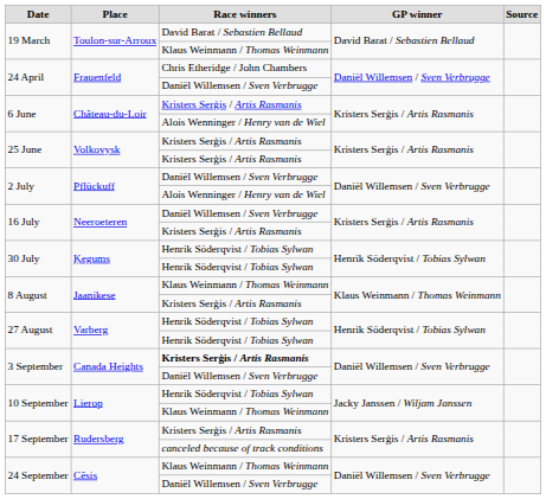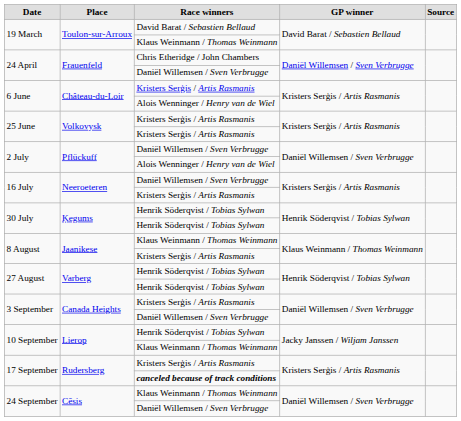 <table class="wikitable" style="font-size: 85%;">
 <tr align="center" style="background:#dfdfdf;">
 <td><strong>Date</strong></td>
 <td><strong>Place</strong></td>
 <td><strong>Race winners</strong></td>
 <td><strong>GP winner</strong></td>
 <td><strong>Source</strong></td>
 </tr>
 <tr>
 <td rowspan=2>19 March</td>
 <td rowspan=2> <a href='#'>Toulon-sur-Arroux</a></td>
 <td> David Barat / <em>Sebastien Bellaud</em></td>
 <td rowspan=2> David Barat / <em>Sebastien Bellaud</em></td>
 <td rowspan=2></td>
 </tr>
 <tr>
 <td> Klaus Weinmann / <em>Thomas Weinmann</em></td>
 </tr>
 <tr>
 <td rowspan=2>24 April</td>
 <td rowspan=2> <a href='#'>Frauenfeld</a></td>
 <td> Chris Etheridge / John Chambers</td>
 <td rowspan=2> <a href='#'>Daniël Willemsen</a> / <em><a href='#'>Sven Verbrugge</a></em></td>
 <td rowspan=2></td>
 </tr>
 <tr>
 <td> Daniël Willemsen / <em>Sven Verbrugge</em></td>
 </tr>
 <tr>
 <td rowspan=2>6 June</td>
 <td rowspan=2> <a href='#'>Château-du-Loir</a></td>
 <td> <a href='#'>Kristers Serģis</a> / <em><a href='#'>Artis Rasmanis</a></em></td>
 <td rowspan=2> Kristers Serģis / <em>Artis Rasmanis</em></td>
 <td rowspan=2></td>
 </tr>
 <tr>
 <td> Alois Wenninger / <em>Henry van de Wiel</em></td>
 </tr>
 <tr>
 <td rowspan=2>25 June</td>
 <td rowspan=2> <a href='#'>Volkovysk</a></td>
 <td> Kristers Serģis / <em>Artis Rasmanis</em></td>
 <td rowspan=2> Kristers Serģis / <em>Artis Rasmanis</em></td>
 <td rowspan=2></td>
 </tr>
 <tr>
 <td> Kristers Serģis / <em>Artis Rasmanis</em></td>
 </tr>
 <tr>
 <td rowspan=2>2 July</td>
 <td rowspan=2> <a href='#'>Pflückuff</a></td>
 <td> Daniël Willemsen / <em>Sven Verbrugge</em></td>
 <td rowspan=2> Daniël Willemsen / <em>Sven Verbrugge</em></td>
 <td rowspan=2></td>
 </tr>
 <tr>
 <td> Alois Wenninger / <em>Henry van de Wiel</em></td>
 </tr>
 <tr>
 <td rowspan=2>16 July</td>
 <td rowspan=2> <a href='#'>Neeroeteren</a></td>
 <td> Daniël Willemsen / <em>Sven Verbrugge</em></td>
 <td rowspan=2> Kristers Serģis / <em>Artis Rasmanis</em></td>
 <td rowspan=2></td>
 </tr>
 <tr>
 <td> Kristers Serģis / <em>Artis Rasmanis</em></td>
 </tr>
 <tr>
 <td rowspan=2>30 July</td>
 <td rowspan=2> <a href='#'>Ķegums</a></td>
 <td> Henrik Söderqvist / <em>Tobias Sylwan</em></td>
 <td rowspan=2> Henrik Söderqvist / <em>Tobias Sylwan</em></td>
 <td rowspan=2></td>
 </tr>
 <tr>
 <td> Henrik Söderqvist / <em>Tobias Sylwan</em></td>
 </tr>
 <tr>
 <td rowspan=2>8 August</td>
 <td rowspan=2> <a href='#'>Jaanikese</a></td>
 <td> Klaus Weinmann / <em>Thomas Weinmann</em></td>
 <td rowspan=2> Klaus Weinmann / <em>Thomas Weinmann</em></td>
 <td rowspan=2></td>
 </tr>
 <tr>
 <td> Kristers Serģis / <em>Artis Rasmanis</em></td>
 </tr>
 <tr>
 <td rowspan=2>27 August</td>
 <td rowspan=2> <a href='#'>Varberg</a></td>
 <td> Henrik Söderqvist / <em>Tobias Sylwan</em></td>
 <td rowspan=2> Henrik Söderqvist / <em>Tobias Sylwan</em></td>
 <td rowspan=2></td>
 </tr>
 <tr>
 <td> Henrik Söderqvist / <em>Tobias Sylwan</em></td>
 </tr>
 <tr>
 <td rowspan=2>3 September</td>
 <td rowspan=2> <a href='#'>Canada Heights</a></td>
-<td><strong> Kristers Serģis / <em>Artis Rasmanis</em></strong></td>
+<td> Kristers Serģis / <em>Artis Rasmanis</em></td>
 <td rowspan=2> Daniël Willemsen / <em>Sven Verbrugge</em></td>
 <td rowspan=2></td>
 </tr>
 <tr>
 <td> Daniël Willemsen / <em>Sven Verbrugge</em></td>
 </tr>
 <tr>
 <td rowspan=2>10 September</td>
 <td rowspan=2> <a href='#'>Lierop</a></td>
 <td> Henrik Söderqvist / <em>Tobias Sylwan</em></td>
 <td rowspan=2> Jacky Janssen / <em>Wiljam Janssen</em></td>
 <td rowspan=2></td>
 </tr>
 <tr>
 <td> Klaus Weinmann / <em>Thomas Weinmann</em></td>
 </tr>
 <tr>
 <td rowspan=2>17 September</td>
 <td rowspan=2> <a href='#'>Rudersberg</a></td>
 <td> Kristers Serģis / <em>Artis Rasmanis</em></td>
 <td rowspan=2> Kristers Serģis / <em>Artis Rasmanis</em></td>
 <td rowspan=2></td>
 </tr>
 <tr>
-<td><em>canceled because of track conditions</em></td>
+<td><strong><em>canceled because of track conditions</em></strong></td>
 </tr>
 <tr>
 <td rowspan=2>24 September</td>
 <td rowspan=2> <a href='#'>Cēsis</a></td>
 <td> Klaus Weinmann / <em>Thomas Weinmann</em></td>
 <td rowspan=2> Daniël Willemsen / <em>Sven Verbrugge</em></td>
 <td rowspan=2></td>
 </tr>
 <tr>
 <td> Daniël Willemsen / <em>Sven Verbrugge</em></td>
 </tr>
 </table>
